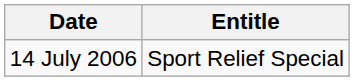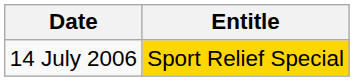 <table class="wikitable" style="text-align:center;">
 <tr>
 <th>Date</th>
 <th>Entitle</th>
 </tr>
 <tr>
 <td>14 July 2006</td>
-<td>Sport Relief Special</td>
+<td style="background: gold;">Sport Relief Special</td>
 </tr>
 </table>
